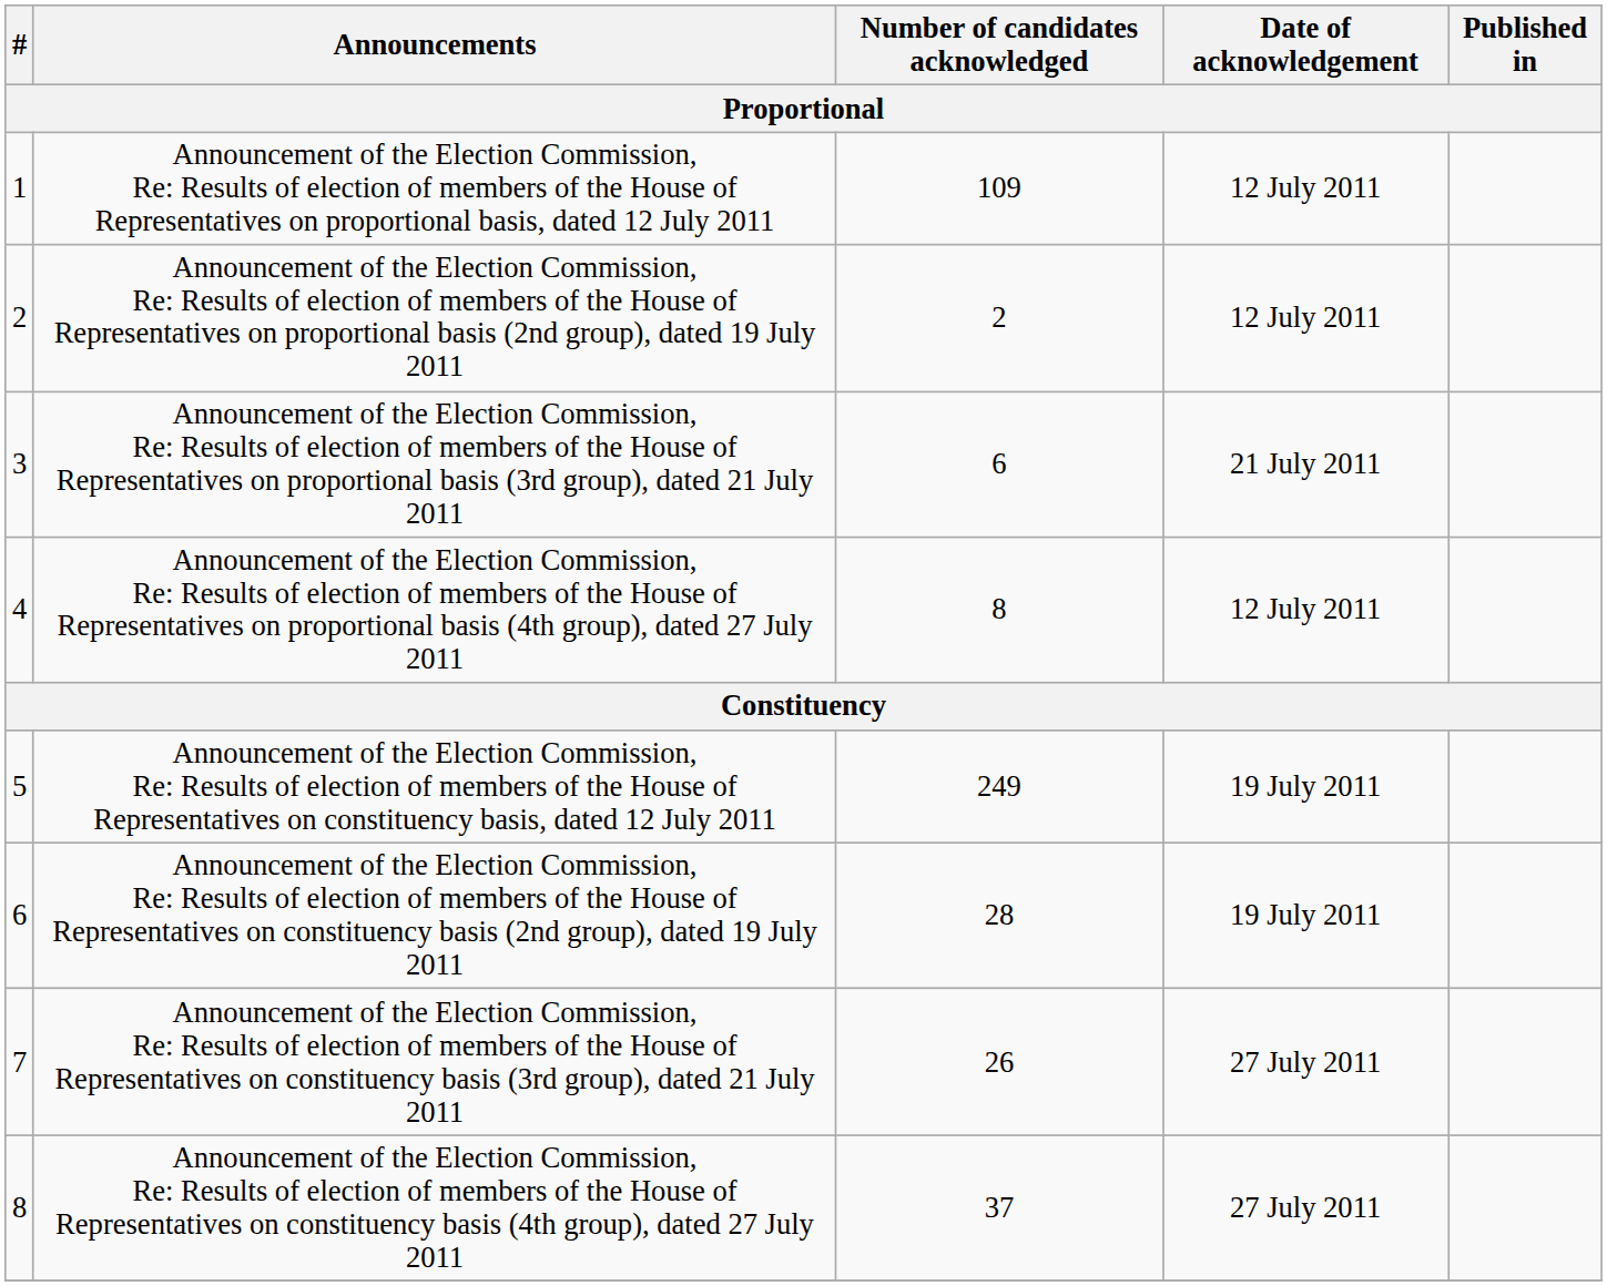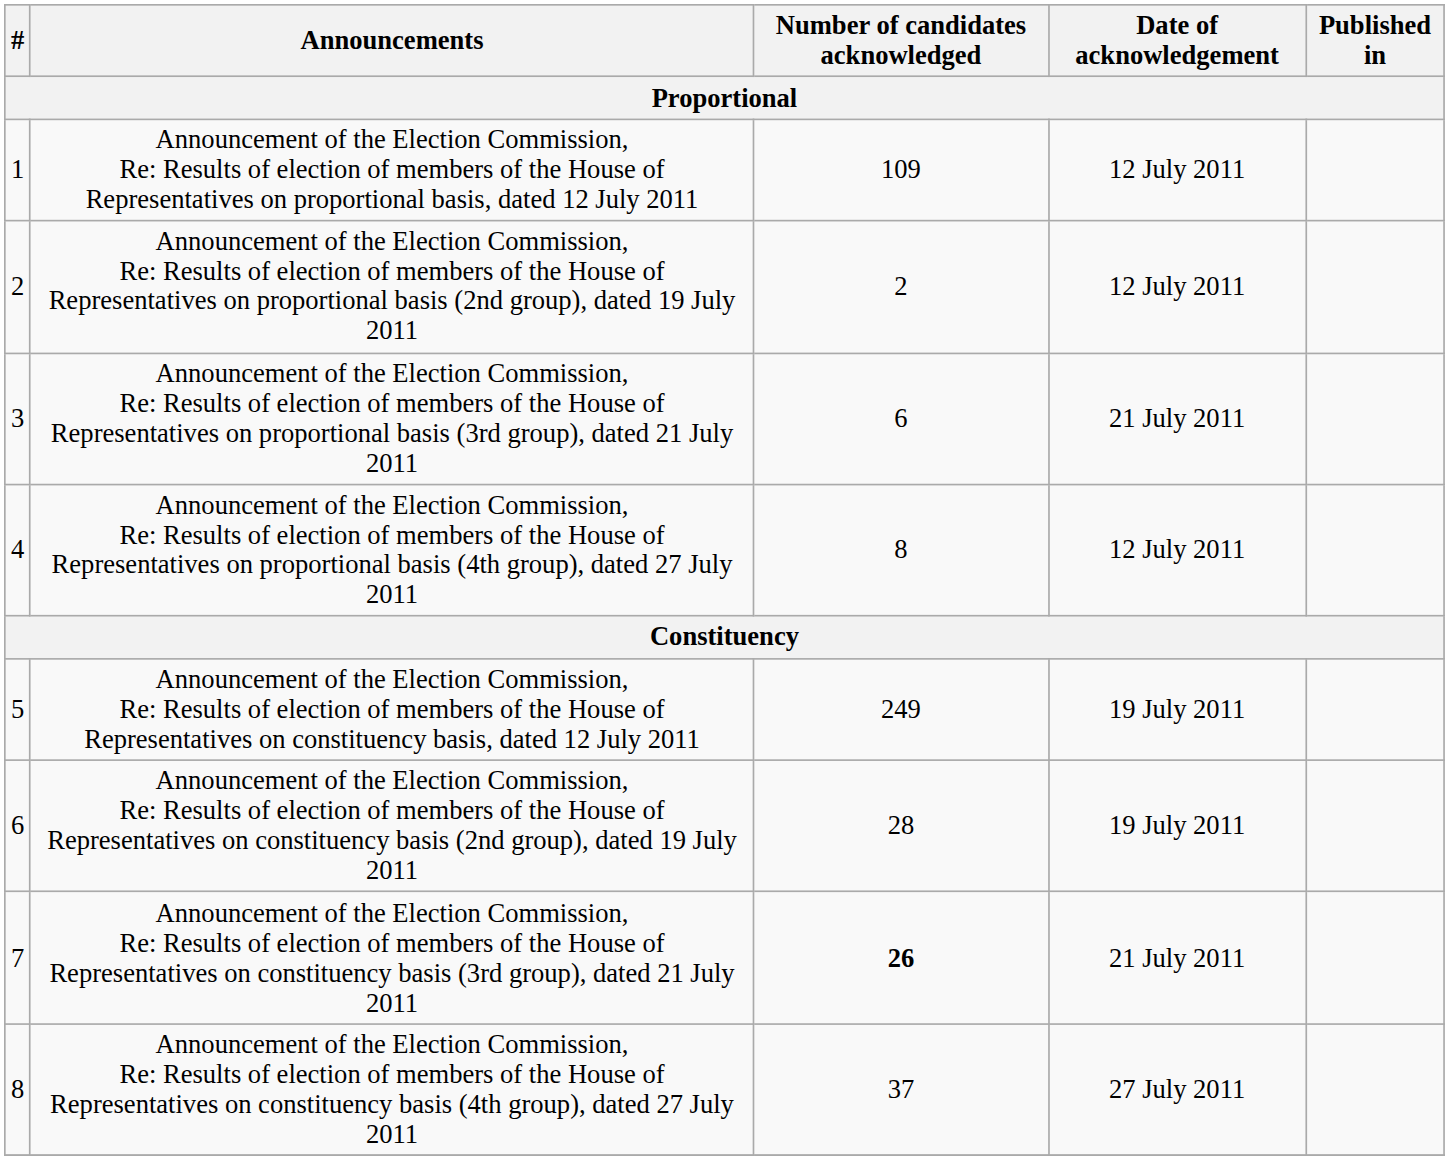 <table class="wikitable">
 <tr>
 <th align="center">#</th>
 <th align="center">Announcements</th>
 <th align="center">Number of candidates acknowledged</th>
 <th align="center">Date of acknowledgement</th>
 <th align="center">Published in</th>
 </tr>
 <tr>
 <th colspan="5" bgcolor="#ebf5ff">Proportional</th>
 </tr>
 <tr>
 <td align = "left">1</td>
 <td align = "center">Announcement of the Election Commission,<br>Re: Results of election of members of the House of Representatives on proportional basis, dated 12 July 2011</td>
 <td align = "center">109</td>
 <td align = "center">12 July 2011</td>
 <td align = "center"></td>
 </tr>
 <tr>
 <td align = "left">2</td>
 <td align = "center">Announcement of the Election Commission,<br>Re: Results of election of members of the House of Representatives on proportional basis (2nd group), dated 19 July 2011</td>
 <td align = "center">2</td>
 <td align = "center">12 July 2011</td>
 <td align = "center"></td>
 </tr>
 <tr>
 <td align = "left">3</td>
 <td align = "center">Announcement of the Election Commission,<br>Re: Results of election of members of the House of Representatives on proportional basis (3rd group), dated 21 July 2011</td>
 <td align = "center">6</td>
 <td align = "center">21 July 2011</td>
 <td align = "center"></td>
 </tr>
 <tr>
 <td align = "left">4</td>
 <td align = "center">Announcement of the Election Commission,<br>Re: Results of election of members of the House of Representatives on proportional basis (4th group), dated 27 July 2011</td>
 <td align = "center">8</td>
 <td align = "center">12 July 2011</td>
 <td align = "center"></td>
 </tr>
 <tr>
 <th colspan="5" bgcolor="#ebf5ff">Constituency</th>
 </tr>
 <tr>
 <td align = "left">5</td>
 <td align = "center">Announcement of the Election Commission,<br>Re: Results of election of members of the House of Representatives on constituency basis, dated 12 July 2011</td>
 <td align = "center">249</td>
 <td align = "center">19 July 2011</td>
 <td align = "center"></td>
 </tr>
 <tr>
 <td align = "left">6</td>
 <td align = "center">Announcement of the Election Commission,<br>Re: Results of election of members of the House of Representatives on constituency basis (2nd group), dated 19 July 2011</td>
 <td align = "center">28</td>
 <td align = "center">19 July 2011</td>
 <td align = "center"></td>
 </tr>
 <tr>
 <td align = "left">7</td>
 <td align = "center">Announcement of the Election Commission,<br>Re: Results of election of members of the House of Representatives on constituency basis (3rd group), dated 21 July 2011</td>
-<td align = "center">26</td>
-<td align = "center">27 July 2011</td>
+<td align = "center"><strong>26</strong></td>
+<td align = "center">21 July 2011</td>
 <td align = "center"></td>
 </tr>
 <tr>
 <td align = "left">8</td>
 <td align = "center">Announcement of the Election Commission,<br>Re: Results of election of members of the House of Representatives on constituency basis (4th group), dated 27 July 2011</td>
 <td align = "center">37</td>
 <td align = "center">27 July 2011</td>
 <td align = "center"></td>
 </tr>
 <tr>
 </tr>
 </table>
